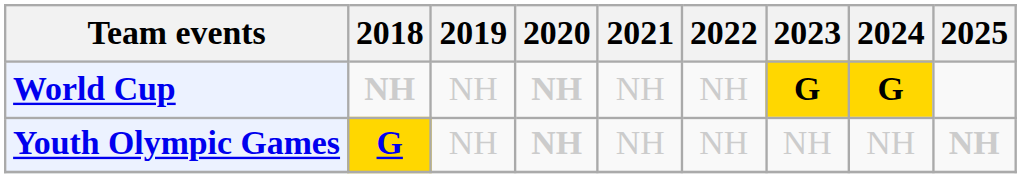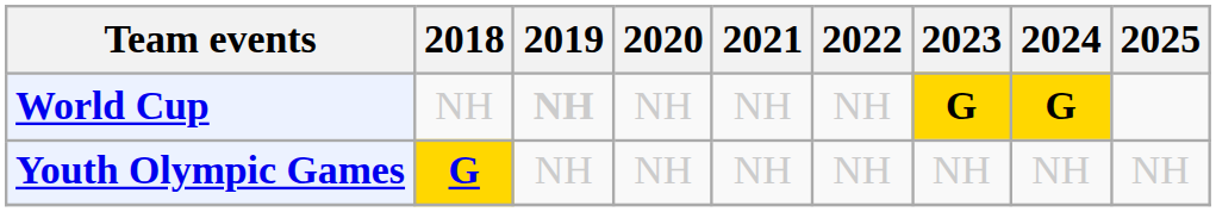 <table class="wikitable" style="font-size: 90%; text-align:center">
 <tr>
 <th>Team events</th>
 <th>2018</th>
 <th>2019</th>
 <th>2020</th>
 <th>2021</th>
 <th>2022</th>
 <th>2023</th>
 <th>2024</th>
 <th>2025</th>
 </tr>
 <tr>
 <td bgcolor="#ECF2FF"; align="left"><strong><a href='#'>World Cup</a></strong></td>
+<td style=color:#ccc>NH</td>
 <td style=color:#ccc><strong>NH</strong></td>
 <td style=color:#ccc>NH</td>
-<td style=color:#ccc><strong>NH</strong></td>
 <td style=color:#ccc>NH</td>
 <td style=color:#ccc>NH</td>
 <td bgcolor=gold><strong>G</strong></td>
 <td bgcolor=gold><strong>G</strong></td>
 <td></td>
 </tr>
 <tr>
 <td bgcolor="#ECF2FF"; align="left"><strong><a href='#'>Youth Olympic Games</a></strong></td>
 <td bgcolor=gold><strong><a href='#'>G</a></strong></td>
 <td style=color:#ccc>NH</td>
-<td style=color:#ccc><strong>NH</strong></td>
 <td style=color:#ccc>NH</td>
 <td style=color:#ccc>NH</td>
 <td style=color:#ccc>NH</td>
 <td style=color:#ccc>NH</td>
-<td style=color:#ccc><strong>NH</strong></td>
+<td style=color:#ccc>NH</td>
+<td style=color:#ccc>NH</td>
 </tr>
 <tr>
 </tr>
 </table>
